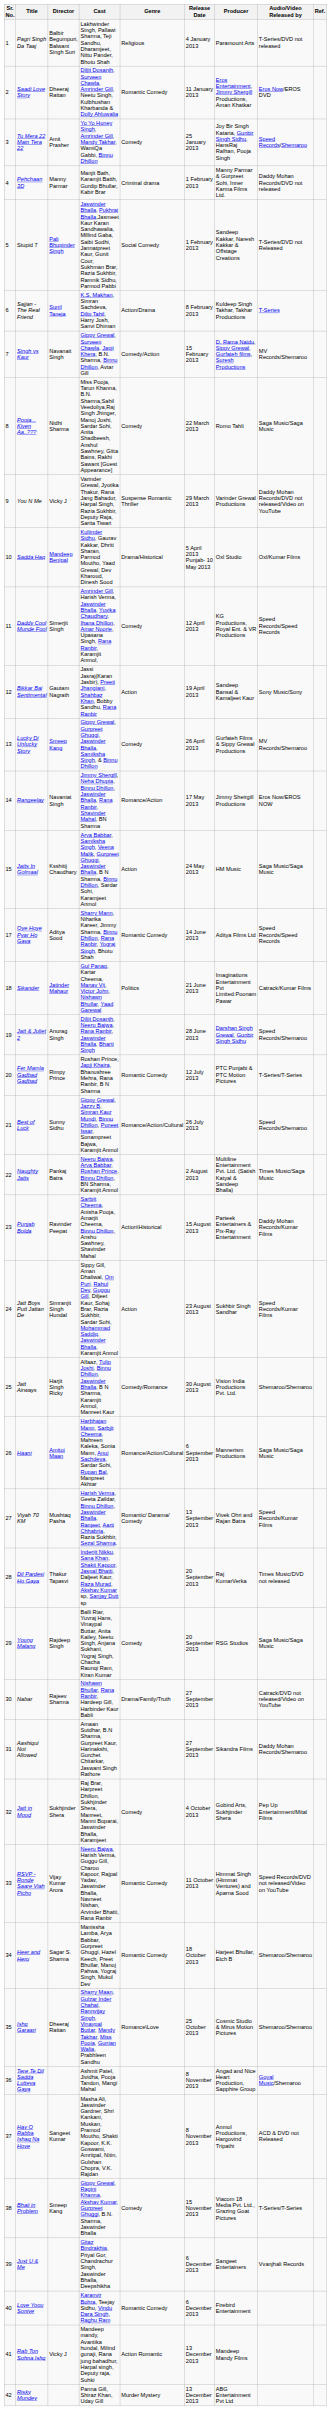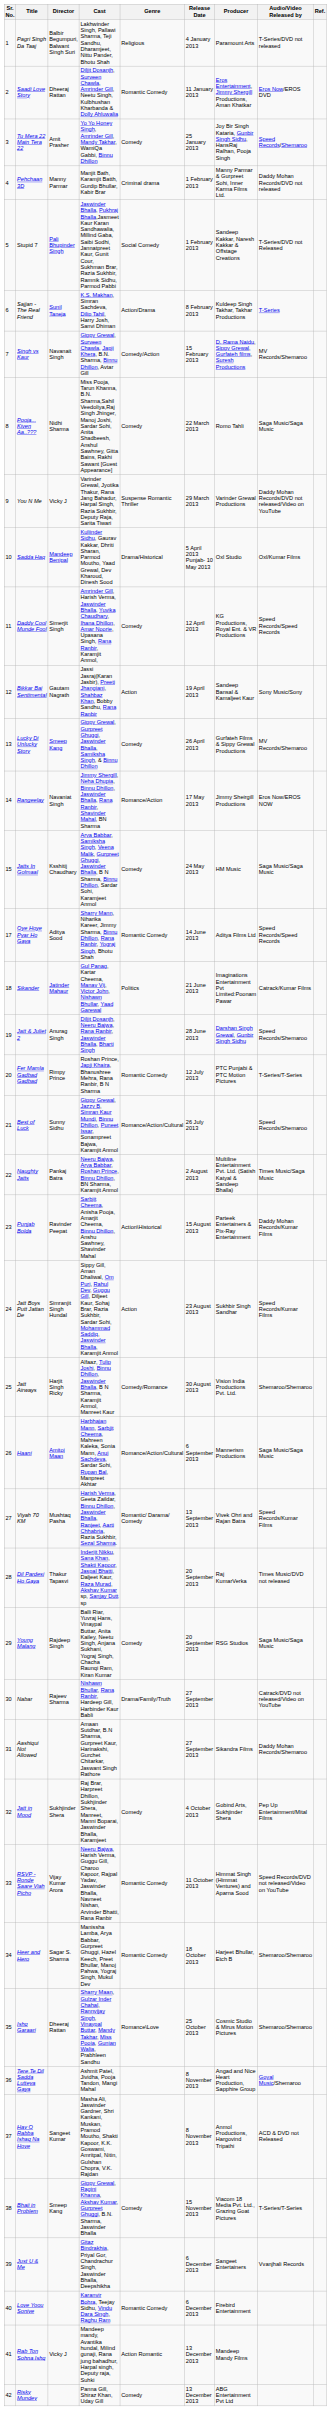 <table class="wikitable">
 <tr>
 <th>Sr. No.</th>
 <th>Title</th>
 <th>Director</th>
 <th>Cast</th>
 <th>Genre</th>
 <th>Release Date</th>
 <th>Producer</th>
 <th>Audio/Video Released by</th>
 <th>Ref.</th>
 </tr>
 <tr>
 <td>1</td>
 <td><em>Pagri Singh Da Taaj</em></td>
 <td>Balbir Begumpuri, Balwant Singh Suri</td>
 <td>Lakhwinder Singh, Pallawi Sharma,  Teji Sandhu, Dharamjeet, Nittu Pander, Bhotu Shah</td>
 <td>Religious</td>
 <td>4 January 2013</td>
 <td>Paramount Arts</td>
 <td>T-Series/DVD not released</td>
 <td></td>
 </tr>
 <tr>
 <td>2</td>
 <td><em><a href='#'>Saadi Love Story</a></em></td>
 <td>Dheeraj Rattan</td>
 <td><a href='#'>Diljit Dosanjh</a>, <a href='#'>Surveen Chawla</a>, <a href='#'>Amrinder Gill</a>, Neetu Singh, Kulbhushan Kharbanda & <a href='#'>Dolly Ahluwalia</a></td>
 <td>Romantic Comedy</td>
 <td>11 January 2013</td>
 <td><a href='#'>Eros Entertainment</a>, <a href='#'>Jimmy Shergill</a> Productions, Aman Khatkar</td>
 <td><a href='#'>Eros Now</a>/EROS DVD</td>
 <td></td>
 </tr>
 <tr>
 <td>3</td>
 <td><em><a href='#'>Tu Mera 22 Main Tera 22</a></em></td>
 <td>Amit Prasher</td>
 <td><a href='#'>Yo Yo Honey Singh</a>, <a href='#'>Amrinder Gill</a>, <a href='#'>Mandy Takhar</a>, WamiQa Gabbi, <a href='#'>Binnu Dhillon</a></td>
 <td>Comedy</td>
 <td>25 January 2013</td>
 <td>Joy Bir Singh Kataria, <a href='#'>Gunbir Singh Sidhu</a>, HansRaj Ralhan, Pooja Singh</td>
 <td><a href='#'>Speed Records</a>/<a href='#'>Shemaroo</a></td>
 <td></td>
 </tr>
 <tr>
 <td>4</td>
 <td><em><a href='#'>Pehchaan 3D</a></em></td>
 <td>Manny Parmar</td>
 <td>Manjit Bath, Karamjit Batth, Gurdip Bhullar, Kabir Brar</td>
 <td>Criminal drama</td>
 <td>1 February 2013</td>
 <td>Manny Parmar & Gurpreet Sohi, Inner Karma Films Ltd.</td>
 <td>Daddy Mohan Records/DVD not released</td>
 <td></td>
 </tr>
 <tr>
 <td>5</td>
 <td>Stupid 7</td>
 <td><a href='#'>Pali Bhupinder Singh</a></td>
 <td><a href='#'>Jaswinder Bhalla</a>, <a href='#'>Pukhraj Bhalla</a>,Jasmeet Kaur Karan Sandhawalia, Millind Gaba, Saibi Sodhi, Jannatpreet Kaur, Gunit Cour, Sukhman Brar, Razia Sukhbir, Ramnik Sidhu, Parmod Pabbi</td>
 <td>Social Comedy</td>
 <td>1 February 2013</td>
 <td>Sandeep Kakkar, Naresh Kakkar & Offstage Creations</td>
 <td>T-Series/DVD not Released</td>
 <td></td>
 </tr>
 <tr>
 <td>6</td>
 <td><em>Sajjan - The Real Friend</em></td>
 <td><a href='#'>Sunil Taneja</a></td>
 <td><a href='#'>K.S. Makhan</a>, Simran Sachdeva, <a href='#'>Dilip Tahil</a>, Harry Josh, Sanvi Dhiman</td>
 <td>Action/Drama</td>
 <td>8 February 2013</td>
 <td>Kuldeep Singh Takhar, Takhar Productions</td>
 <td><a href='#'>T-Series</a></td>
 <td></td>
 </tr>
 <tr>
 <td>7</td>
 <td><em><a href='#'>Singh vs Kaur</a></em></td>
 <td>Navanait Singh</td>
 <td><a href='#'>Gippy Grewal</a>, <a href='#'>Surveen Chawla</a>, <a href='#'>Japji Khera</a>, B.N. Sharma, <a href='#'>Binnu Dhillon</a>, Avtar Gill</td>
 <td>Comedy/Action</td>
 <td>15 February 2013</td>
 <td><a href='#'>D. Rama Naidu</a>, <a href='#'>Sippy Grewal</a>, <a href='#'>Gurfateh films</a>, <a href='#'>Suresh Productions</a></td>
 <td>MV Records/Shemaroo</td>
 <td></td>
 </tr>
 <tr>
 <td>8</td>
 <td><em><a href='#'>Pooja... Kiven Aa..???</a></em></td>
 <td>Nidhi Sharma</td>
 <td>Miss Pooja, Tarun Khanna, B.N. Sharma,Sahil Veedoliya,Raj Singh Jhinger, Manoj Joshi, Sardar Sohi, Anita Shadbeesh, Anshul Sawhney, Gitta Bains, Rakhi Sawant [Guest Appearance]</td>
 <td>Comedy</td>
 <td>22 March 2013</td>
 <td>Romo Tahli</td>
 <td>Saga Music/Saga Music</td>
 <td></td>
 </tr>
 <tr>
 <td>9</td>
 <td><em>You N Me</em></td>
 <td>Vicky J</td>
 <td>Varinder Grewal, Jyotika Thakur, Rana Jang Bahadur, Harpal Singh, Razia Sukhbir, Deputy Raja, Sarita Tiwari</td>
 <td>Suspense Romantic Thriller</td>
 <td>29 March 2013</td>
 <td>Varinder Grewal Productions</td>
 <td>Daddy Mohan Records/DVD not released/Video on YouTube</td>
 <td></td>
 </tr>
 <tr>
 <td>10</td>
 <td><em><a href='#'>Sadda Haq</a></em></td>
 <td><a href='#'>Mandeep Benipal</a></td>
 <td><a href='#'>Kuljinder Sidhu</a>, Gaurav Kakkar, Dhriti Sharan, Parmod Moutho, Yaad Grewal, Dev Kharoud, Dinesh Sood</td>
 <td>Drama/Historical</td>
 <td>5 April 2013 Punjab- 10 May 2013</td>
 <td>Oxl Studio</td>
 <td>Oxl/Kumar Films</td>
 <td></td>
 </tr>
 <tr>
 <td>11</td>
 <td><em><a href='#'>Daddy Cool Munde Fool</a></em></td>
 <td>Simerjit Singh</td>
 <td><a href='#'>Amrinder Gill</a>, Harish Verma, <a href='#'>Jaswinder Bhalla</a>, <a href='#'>Yuvika Chaudhary</a>, <a href='#'>Ihana Dhillon</a>, <a href='#'>Amar Noorie</a>, Upasana Singh, <a href='#'>Rana Ranbir</a>, Karamjit Anmol,</td>
 <td>Comedy</td>
 <td>12 April 2013</td>
 <td>KG Productions, Royal Ent. & VR Productions</td>
 <td>Speed Records/Speed Records</td>
 <td></td>
 </tr>
 <tr>
 <td>12</td>
 <td><em><a href='#'>Bikkar Bai Sentimental</a></em></td>
 <td>Gautam Nagrath</td>
 <td>Jassi Jasraj(Karan Jasbir), <a href='#'>Preeti Jhangiani</a>, <a href='#'>Shahbaz Khan</a>, Bobby Sandhu, <a href='#'>Rana Ranbir</a></td>
 <td>Action</td>
 <td>19 April 2013</td>
 <td>Sandeep Bansal & Kamaljeet Kaur</td>
 <td>Sony Music/Sony</td>
 <td></td>
 </tr>
 <tr>
 <td>13</td>
 <td><em><a href='#'>Lucky Di Unlucky Story</a></em></td>
 <td><a href='#'>Smeep Kang</a></td>
 <td><a href='#'>Gippy Grewal</a>, <a href='#'>Gurpreet Ghuggi</a>, <a href='#'>Jaswinder Bhalla</a>, <a href='#'>Samiksha Singh</a>,  & <a href='#'>Binnu Dhillon</a></td>
 <td>Comedy</td>
 <td>26 April 2013</td>
 <td>Gurfateh Films & Sippy Grewal Productions</td>
 <td>MV Records/Shemaroo</td>
 <td></td>
 </tr>
 <tr>
 <td>14</td>
 <td><em><a href='#'>Rangeelay</a></em></td>
 <td>Navaniat Singh</td>
 <td><a href='#'>Jimmy Shergill</a>, <a href='#'>Neha Dhupia</a>, <a href='#'>Binnu Dhillon</a>, <a href='#'>Jaswinder Bhalla</a>, <a href='#'>Rana Ranbir</a>, <a href='#'>Shavinder Mahal</a>, BN Sharma</td>
 <td>Romance/Action</td>
 <td>17 May 2013</td>
 <td Eros International>Jimmy Sheirgill Productions</td>
 <td>Eros Now/EROS NOW</td>
 <td></td>
 </tr>
 <tr>
 <td>15</td>
 <td><em><a href='#'>Jatts In Golmaal</a></em></td>
 <td>Ksshitij Chaudhary</td>
 <td><a href='#'>Arya Babbar</a>, <a href='#'>Samiksha Singh</a>, <a href='#'>Veena Malik</a>, <a href='#'>Gurpreet Ghuggi</a>, <a href='#'>Jaswinder Bhalla</a>, B N Sharma, <a href='#'>Binnu Dhillon</a>, Sardar Sohi, Karamjeet Anmol</td>
-<td>Action</td>
+<td>Comedy</td>
 <td>24 May 2013</td>
 <td>HM Music</td>
 <td>Saga Music/Saga Music</td>
 <td></td>
 </tr>
 <tr>
 <td>17</td>
 <td><em><a href='#'>Oye Hoye Pyar Ho Gaya</a></em></td>
 <td>Aditya Sood</td>
 <td><a href='#'>Sharry Mann</a>, Niharika Kareer, Jimmy Sharma, <a href='#'>Binnu Dhillon</a>, <a href='#'>Rana Ranbir</a>, <a href='#'>Yograj Singh</a>, Bhotu Shah</td>
 <td>Romantic Comedy</td>
 <td>14 June 2013</td>
 <td>Aditya Films Ltd</td>
 <td>Speed Records/Speed Records</td>
 <td></td>
 </tr>
 <tr>
 <td>18</td>
 <td><em><a href='#'>Sikander</a></em></td>
 <td><a href='#'>Jatinder Mahaur</a></td>
 <td><a href='#'>Gul Panag</a>, Kartar Cheema, <a href='#'>Manav Vij</a>, <a href='#'>Victor John</a>, <a href='#'>Nishawn Bhullar</a>, <a href='#'>Yaad Garewal</a></td>
 <td>Politics</td>
 <td>21 June 2013</td>
 <td>Imaginations Entertainment Pvt Limited:Poonam Pawar</td>
 <td>Catrack/Kumar Films</td>
 <td></td>
 </tr>
 <tr>
 <td>19</td>
 <td><em><a href='#'>Jatt & Juliet 2</a></em></td>
 <td>Anurag Singh</td>
 <td><a href='#'>Diljit Dosanjh</a>, <a href='#'>Neeru Bajwa</a>, <a href='#'>Rana Ranbir</a>, <a href='#'>Jaswinder Bhalla</a>, <a href='#'>Bharti Singh</a></td>
 <td></td>
 <td>28 June 2013</td>
 <td><a href='#'>Darshan Singh Grewal</a>, <a href='#'>Gunbir Singh Sidhu</a></td>
 <td>Speed Records/Shemaroo</td>
 <td></td>
 </tr>
 <tr>
 <td>20</td>
 <td><em><a href='#'>Fer Mamla Gadbad Gadbad</a></em></td>
 <td>Rimpy Prince</td>
 <td>Roshan Prince, <a href='#'>Japji Khaira</a>, Bhanushree Mehra, Rana Ranbir, B N Sharma</td>
 <td>Romantic Comedy</td>
 <td>12 July 2013</td>
 <td>PTC Punjabi & PTC Motion Pictures</td>
 <td>T-Series/T-Series</td>
 <td></td>
 </tr>
 <tr>
 <td>21</td>
 <td><em><a href='#'>Best of Luck</a></em></td>
 <td>Sunny Sidhu</td>
 <td><a href='#'>Gippy Grewal</a>, <a href='#'>Jazzy B</a>, <a href='#'>Simran Kaur Mundi</a>, <a href='#'>Binnu Dhillon</a>, <a href='#'>Puneet Issar</a>, Sonampreet Bajwa, Karamjit Anmol</td>
 <td>Romance/Action/Cultural</td>
 <td>26 July 2013</td>
 <td></td>
 <td>Speed Records/Shemaroo</td>
 <td></td>
 </tr>
 <tr>
 <td>22</td>
 <td><em><a href='#'>Naughty Jatts</a></em></td>
 <td>Pankaj Batra</td>
 <td><a href='#'>Neeru Bajwa</a>, <a href='#'>Arya Babbar</a>, <a href='#'>Roshan Prince</a>, <a href='#'>Binnu Dhillon</a>, BN Sharma, Karamjit Anmol</td>
 <td></td>
 <td>2 August 2013</td>
 <td>Multiline Entertainment Pvt. Ltd. (Satish Katyal & Sandeep Bhalla)</td>
 <td>Times Music/Saga Music</td>
 <td></td>
 </tr>
 <tr>
 <td>23</td>
 <td><em><a href='#'>Punjab Bolda</a></em></td>
 <td>Ravinder Peepat</td>
 <td><a href='#'>Sarbjit Cheema</a>, Anisha Pooja, Amarjit Cheema, <a href='#'>Binnu Dhillon</a>, Anshu Sawhney, Shavinder Mahal</td>
 <td>Action\Historical</td>
 <td>15 August 2013</td>
 <td>Parteek Entertainers & Pix-Ray Entertainment</td>
 <td>Daddy Mohan Records/Kumar Films</td>
 <td></td>
 </tr>
 <tr>
 <td>24</td>
 <td><em>Jatt Boys Putt Jattan De</em></td>
 <td>Simranjit Singh Hundal</td>
 <td>Sippy Gill, Aman Dhaliwal, <a href='#'>Om Puri</a>, <a href='#'>Rahul Dev</a>, <a href='#'>Guggu Gill</a>, Diljeet Kaur, Sohaj Brar, Razia Sukhbir, Sardar Sohi, <a href='#'>Mohammad Saddiq</a>, <a href='#'>Jaswinder Bhalla</a>, Karamjit Anmol</td>
 <td>Action</td>
 <td>23 August 2013</td>
 <td>Sukhbir Singh Sandhar</td>
 <td>Speed Records/Kumar Films</td>
 <td></td>
 </tr>
 <tr>
 <td>25</td>
 <td><em>Jatt Airways</em></td>
 <td>Harjit Singh Ricky</td>
 <td>Alfaaz, <a href='#'>Tulip Joshi</a>, <a href='#'>Binnu Dhillon</a>, <a href='#'>Jaswinder Bhalla</a>, B N Sharma, Karamjit Anmol, Manreet Kaur</td>
 <td>Comedy/Romance</td>
 <td>30 August 2013</td>
 <td>Vision India Productions Pvt. Ltd.</td>
 <td>Shemaroo/Shemaroo</td>
 <td></td>
 </tr>
 <tr>
 <td>26</td>
 <td><em><a href='#'>Haani</a></em></td>
 <td><a href='#'>Amitoj Maan</a></td>
 <td><a href='#'>Harbhajan Mann</a>, <a href='#'>Sarbjit Cheema</a>, Mahreen Kaleka, Sonia Mann, <a href='#'>Anuj Sachdeva</a>, Sardar Sohi, <a href='#'>Rupan Bal</a>, Manpreet Akhtar</td>
 <td>Romance/Action/Cultural</td>
 <td>6 September 2013</td>
 <td>Mannerism Productions</td>
 <td>Saga Music/Saga Music</td>
 <td></td>
 </tr>
 <tr>
 <td>27</td>
 <td><em>Viyah 70 KM</em></td>
 <td>Mushtaq Pasha</td>
 <td><a href='#'>Harish Verma</a>, Geeta Zaildar, <a href='#'>Binnu Dhillon</a>, <a href='#'>Jaswinder Bhalla</a>, <a href='#'>Ranjeet</a>, <a href='#'>Aarti Chhabria</a>, Razia Sukhbir, <a href='#'>Sezal Sharma</a>.</td>
 <td>Romantic/ Darama/ Comedy</td>
 <td>13 September 2013</td>
 <td>Vivek Ohri and Rajan Batra</td>
 <td>Speed Records/Kumar Films</td>
 <td></td>
 </tr>
 <tr>
 <td>28</td>
 <td><em><a href='#'>Dil Pardesi Ho Gaya</a></em></td>
 <td>Thakur Tapasvi</td>
 <td><a href='#'>Inderjit Nikku</a>, <a href='#'>Sana Khan</a>, <a href='#'>Shakti Kapoor</a>, <a href='#'>Jaspal Bhatti</a>,  Daljeet Kaur, <a href='#'>Raza Murad</a>, <a href='#'>Akshay Kumar</a> sp, <a href='#'>Sanjay Dutt</a> sp</td>
 <td></td>
 <td>20 September 2013</td>
 <td>Raj KumarVerka</td>
 <td>Times Music/DVD not released</td>
 <td></td>
 </tr>
 <tr>
 <td>29</td>
 <td><em><a href='#'>Young Malang</a></em></td>
 <td>Rajdeep Singh</td>
 <td>Balli Riar, Yuvraj Hans, Vinaypal Buttar, Anita Kailey, Neetu Singh, Anjana Sukhani, Yograj Singh, Chacha Raunqi Ram, Kiran Kumar</td>
 <td>Comedy</td>
 <td>20 September 2013</td>
 <td>RSG Studios</td>
 <td>Saga Music/Saga Music</td>
 <td></td>
 </tr>
 <tr>
 <td>30</td>
 <td><em>Nabar</em></td>
 <td>Rajeev Sharma</td>
 <td><a href='#'>Nishawn Bhullar</a>, <a href='#'>Rana Ranbir</a>, Hardeep Gill, Harbinder Kaur Babli</td>
 <td>Drama/Family/Truth</td>
 <td>27 September 2013</td>
 <td></td>
 <td>Catrack/DVD not released/Video on YouTube</td>
 <td></td>
 </tr>
 <tr>
 <td>31</td>
 <td><em>Aashiqui Not Allowed</em></td>
 <td></td>
 <td>Amaan Sutdhar,  B.N Sharma, Gurpreet Kaur, Harinakshi, Gurchet Chitarkar, Jaswant Singh Rathore</td>
 <td></td>
 <td>27 September 2013</td>
 <td>Sikandra Films</td>
 <td>Daddy Mohan Records/Shemaroo</td>
 <td></td>
 </tr>
 <tr>
 <td>32</td>
 <td><em><a href='#'>Jatt in Mood</a></em></td>
 <td>Sukhjinder Shera</td>
 <td>Raj Brar, Harpreet Dhillon, Sukhjinder Shera, Manreet, Manni Boparai, Jaswinder Bhalla, Karamjeet</td>
 <td>Comedy</td>
 <td>4 October 2013</td>
 <td>Gobind Arts, Sukhjinder Shera</td>
 <td>Pep Up Entertainment/Mital Films</td>
 <td></td>
 </tr>
 <tr>
 <td>33</td>
 <td><em><a href='#'>RSVP - Ronde Saare Viah Picho</a></em></td>
 <td>Vijay Kumar Arora</td>
 <td><a href='#'>Neeru Bajwa</a>, Harish Verma, Guggu Gill, Charoo Kapoor, Rajpal Yadav, Jaswinder Bhalla, Navneet Nishan, Arvinder Bhatti, Rana Ranbir</td>
 <td>Romantic Comedy</td>
 <td>11 October 2013</td>
 <td>Himmat Singh (Himmat Ventures) and Aparna Sood</td>
 <td>Speed Records/DVD not released/Video on YouTube</td>
 <td></td>
 </tr>
 <tr>
 <td>34</td>
 <td><em><a href='#'>Heer and Hero</a></em></td>
 <td>Sagar S. Sharma</td>
 <td>Manissha Lamba, Arya Babbar, Gurpreet Ghuggi, Hazel Keech, Preet Bhullar, Manoj Pahwa, Yograj Singh, Mukul Dev</td>
 <td>Romantic Comedy</td>
 <td>18 October 2013</td>
 <td>Harjeet Bhullar, Etch B</td>
 <td>Shemaroo/Shemaroo</td>
 <td></td>
 </tr>
 <tr>
 <td>35</td>
 <td><em><a href='#'>Ishq Garaari</a></em></td>
 <td>Dheeraj Rattan</td>
 <td><a href='#'>Sharry Maan</a>, <a href='#'>Gulzar Inder Chahal</a>, <a href='#'>Rannvijay Singh</a>, <a href='#'>Vinaypal Buttar</a>, <a href='#'>Mandy Takhar</a>, <a href='#'>Miss Pooja</a>, <a href='#'>Gunjan Walia</a>, Prabhleen Sandhu</td>
 <td>Romance\Love</td>
 <td>25 October 2013</td>
 <td>Cosmic Studio & Mirus Motion Pictures</td>
 <td>Shemaroo/Shemaroo</td>
 <td></td>
 </tr>
 <tr>
 <td>36</td>
 <td><em><a href='#'>Tere Te Dil Sadda Lutteya Gaya</a></em></td>
 <td></td>
 <td>Ashmit Patel, Jividha, Pooja Tandon, Mangi Mahal</td>
 <td></td>
 <td>8 November 2013</td>
 <td>Angad and Nice Heart Production, Sapphire Group</td>
 <td><a href='#'>Goyal Music</a>/Shemaroo</td>
 <td></td>
 </tr>
 <tr>
 <td>37</td>
 <td><em><a href='#'>Hay O Rabba Ishaq Na Hove</a></em></td>
 <td>Sangeet Kumar</td>
 <td>Masha Ali, Jaswinder Gardner, Shri Kankani, Muskan, Pramod Moutho, Shakti Kapoor, K.K. Goswami, Amritpal, Nitin, Gulshan Chopra, V.K. Rajdan</td>
 <td></td>
 <td>8 November 2013</td>
 <td>Anmol Productions, Hargovind Tripathi</td>
 <td>ACD & DVD not Released</td>
 <td></td>
 </tr>
 <tr>
 <td>38</td>
 <td><em><a href='#'>Bhaji in Problem</a></em></td>
 <td>Smeep Kang</td>
 <td><a href='#'>Gippy Grewal</a>, <a href='#'>Ragini Khanna</a>, <a href='#'>Akshay Kumar</a>, <a href='#'>Gurpreet Ghuggi</a>, B.N. Sharma, Jaswinder Bhalla</td>
 <td>Comedy</td>
 <td>15 November 2013</td>
 <td>Viacom 18 Media Pvt. Ltd., Grazing Goat Pictures</td>
 <td>T-Series/T-Series</td>
 <td></td>
 </tr>
 <tr>
 <td>39</td>
 <td><em><a href='#'>Just U & Me</a></em></td>
 <td></td>
 <td><a href='#'>Gitaz Bindrakhia</a>, Priyal Gor, Chandrachur Singh, Jaswinder Bhalla, Deepshikha</td>
 <td></td>
 <td>6 December 2013</td>
 <td>Sangeet Entertainers</td>
 <td>Vvanjhali Records</td>
 <td></td>
 </tr>
 <tr>
 <td>40</td>
 <td><em><a href='#'>Love Yoou Soniye</a></em></td>
 <td></td>
 <td><a href='#'>Karanvir Bohra</a>, Teejay Sidhu, <a href='#'>Vindu Dara Singh</a>, <a href='#'>Raghu Ram</a></td>
 <td>Romantic Comedy</td>
 <td>6 December 2013</td>
 <td>Firebird Entertainment</td>
 <td></td>
 <td></td>
 </tr>
 <tr>
 <td>41</td>
 <td><em><a href='#'>Rab Ton Sohna Ishq</a></em></td>
 <td>Vicky J</td>
 <td>Mandeep mandy, Avantika hundal, Milind gunaji, Rana jung bahadhur, Harpal singh, Deputy raja, Suhki</td>
 <td>Action Romantic</td>
 <td>13 December 2013</td>
 <td>Mandeep Mandy Films</td>
 <td></td>
 <td></td>
 </tr>
 <tr>
 <td>42</td>
 <td><em><a href='#'>Risky Mundey</a></em></td>
 <td></td>
 <td>Panna Gill, Shiraz Khan, Uday Gill</td>
-<td>Murder Mystery</td>
+<td>Comedy</td>
 <td>13 December 2013</td>
 <td>ABG Entertainment Pvt Ltd</td>
 <td></td>
 <td></td>
 </tr>
 </table>
